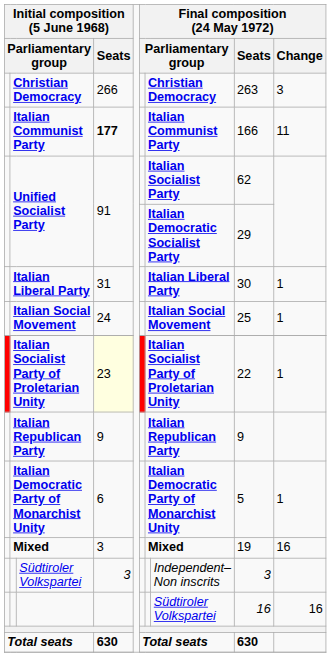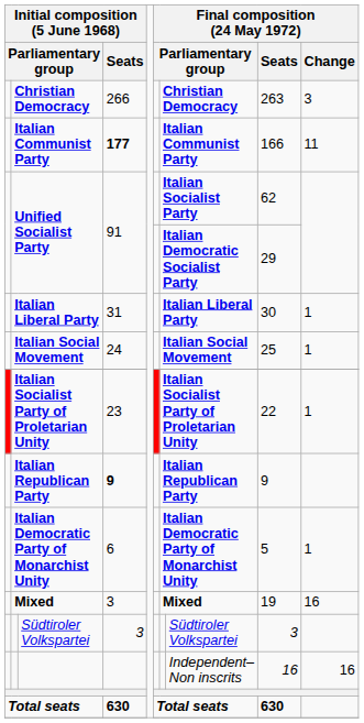 <table class="wikitable" style="width : 60%;">
 <tr>
 <th colspan="4">Initial composition<br>(5 June 1968)</th>
 <td rowspan="30" style="width : 1%;"></td>
 <th colspan="5">Final composition<br>(24 May 1972)</th>
 </tr>
 <tr>
 <th colspan="3">Parliamentary group</th>
 <th>Seats</th>
 <th colspan="3">Parliamentary group</th>
 <th>Seats</th>
 <th>Change</th>
 </tr>
 <tr>
 <td></td>
 <td colspan = "2"><strong><a href='#'>Christian Democracy</a></strong></td>
 <td>266</td>
 <td></td>
 <td colspan = "2"><strong><a href='#'>Christian Democracy</a></strong></td>
 <td>263</td>
 <td> 3</td>
 </tr>
 <tr>
 <td></td>
 <td colspan = "2"><strong><a href='#'>Italian Communist Party</a></strong></td>
 <td><strong>177</strong></td>
 <td></td>
 <td colspan = "2"><strong><a href='#'>Italian Communist Party</a></strong></td>
 <td>166</td>
 <td> 11</td>
 </tr>
 <tr>
 <td rowspan=2></td>
 <td rowspan=2 colspan = "2"><strong><a href='#'>Unified Socialist Party</a></strong></td>
 <td rowspan=2>91</td>
 <td></td>
 <td colspan = "2"><strong><a href='#'>Italian Socialist Party</a></strong></td>
 <td>62</td>
 <td rowspan=2></td>
 </tr>
 <tr>
 <td></td>
 <td colspan = "2"><strong><a href='#'>Italian Democratic Socialist Party</a></strong></td>
 <td>29</td>
 </tr>
 <tr>
 <td></td>
 <td colspan = "2"><strong><a href='#'>Italian Liberal Party</a></strong></td>
 <td>31</td>
 <td></td>
 <td colspan = "2"><strong><a href='#'>Italian Liberal Party</a></strong></td>
 <td>30</td>
 <td> 1</td>
 </tr>
 <tr>
 <td></td>
 <td colspan = "2"><strong><a href='#'>Italian Social Movement</a></strong></td>
 <td>24</td>
 <td></td>
 <td colspan = "2"><strong><a href='#'>Italian Social Movement</a></strong></td>
 <td>25</td>
 <td> 1</td>
 </tr>
 <tr>
 </tr>
 <tr>
 <td bgcolor="#FF0000" width=1%></td>
 <td colspan = "2"><strong><a href='#'>Italian Socialist Party of Proletarian Unity</a></strong></td>
-<td style="background: lightyellow;">23</td>
+<td>23</td>
 <td bgcolor="#FF0000" width=1%></td>
 <td colspan = "2"><strong><a href='#'>Italian Socialist Party of Proletarian Unity</a></strong></td>
 <td>22</td>
 <td> 1</td>
 </tr>
 <tr>
 <td></td>
 <td colspan = "2"><strong><a href='#'>Italian Republican Party</a></strong></td>
-<td>9</td>
+<td><strong>9</strong></td>
 <td></td>
 <td colspan = "2"><strong><a href='#'>Italian Republican Party</a></strong></td>
 <td>9</td>
 <td></td>
 </tr>
 <tr>
 <td></td>
 <td colspan = "2"><strong><a href='#'>Italian Democratic Party of Monarchist Unity</a></strong></td>
 <td>6</td>
 <td></td>
 <td colspan = "2"><strong><a href='#'>Italian Democratic Party of Monarchist Unity</a></strong></td>
 <td>5</td>
 <td> 1</td>
 </tr>
 <tr>
 <td></td>
 <td colspan = "2"><strong>Mixed</strong></td>
 <td>3</td>
 <td></td>
 <td colspan = "2"><strong>Mixed</strong></td>
 <td>19</td>
 <td> 16</td>
 </tr>
 <tr>
 <td></td>
 <td></td>
 <td><em><a href='#'>Südtiroler Volkspartei</a></em></td>
 <td align="right"><em>3</em></td>
 <td></td>
 <td></td>
-<td><em>Independent–Non inscrits</em></td>
+<td><em><a href='#'>Südtiroler Volkspartei</a></em></td>
 <td align="right"><em>3</em></td>
 <td align="right"></td>
 </tr>
 <tr>
 <td></td>
 <td></td>
 <td></td>
 <td></td>
 <td></td>
 <td></td>
-<td><em><a href='#'>Südtiroler Volkspartei</a></em></td>
+<td><em>Independent–Non inscrits</em></td>
 <td align="right"><em>16</em></td>
 <td align="right"> 16</td>
 </tr>
 <tr>
 <th colspan="4"></th>
 <th colspan="5"></th>
 </tr>
 <tr>
 <td colspan="3"><strong><em>Total seats</em></strong></td>
 <td><strong>630</strong></td>
 <td colspan="3"><strong><em>Total seats</em></strong></td>
 <td><strong>630</strong></td>
 <td></td>
 </tr>
 <tr>
 </tr>
 </table>
